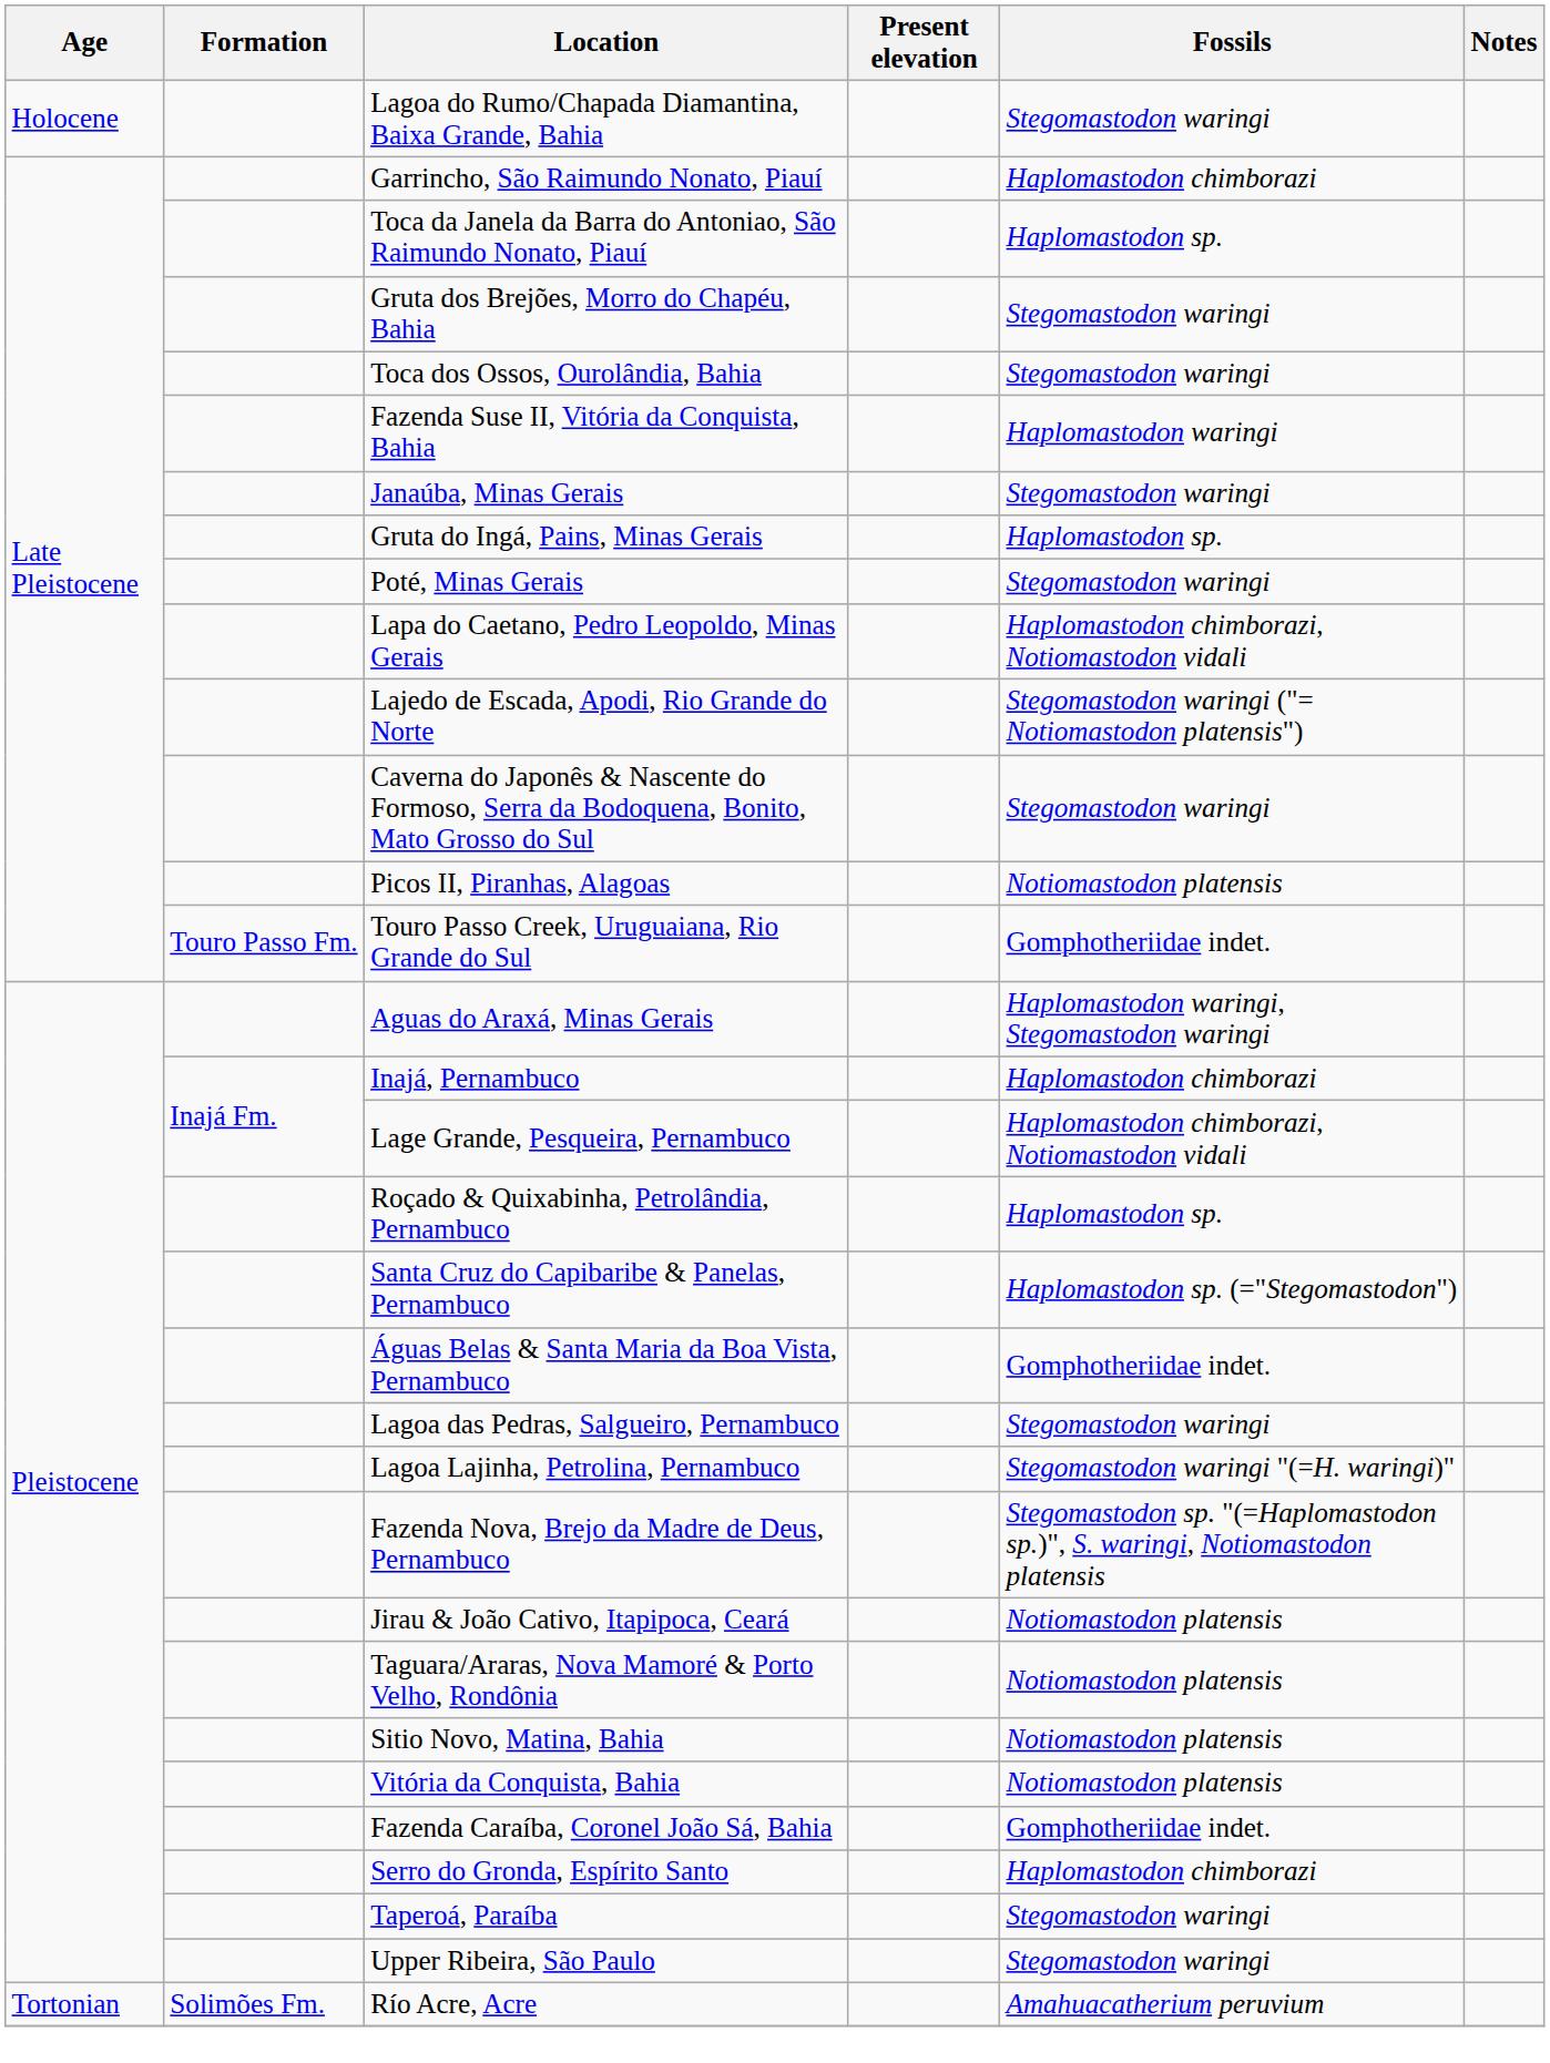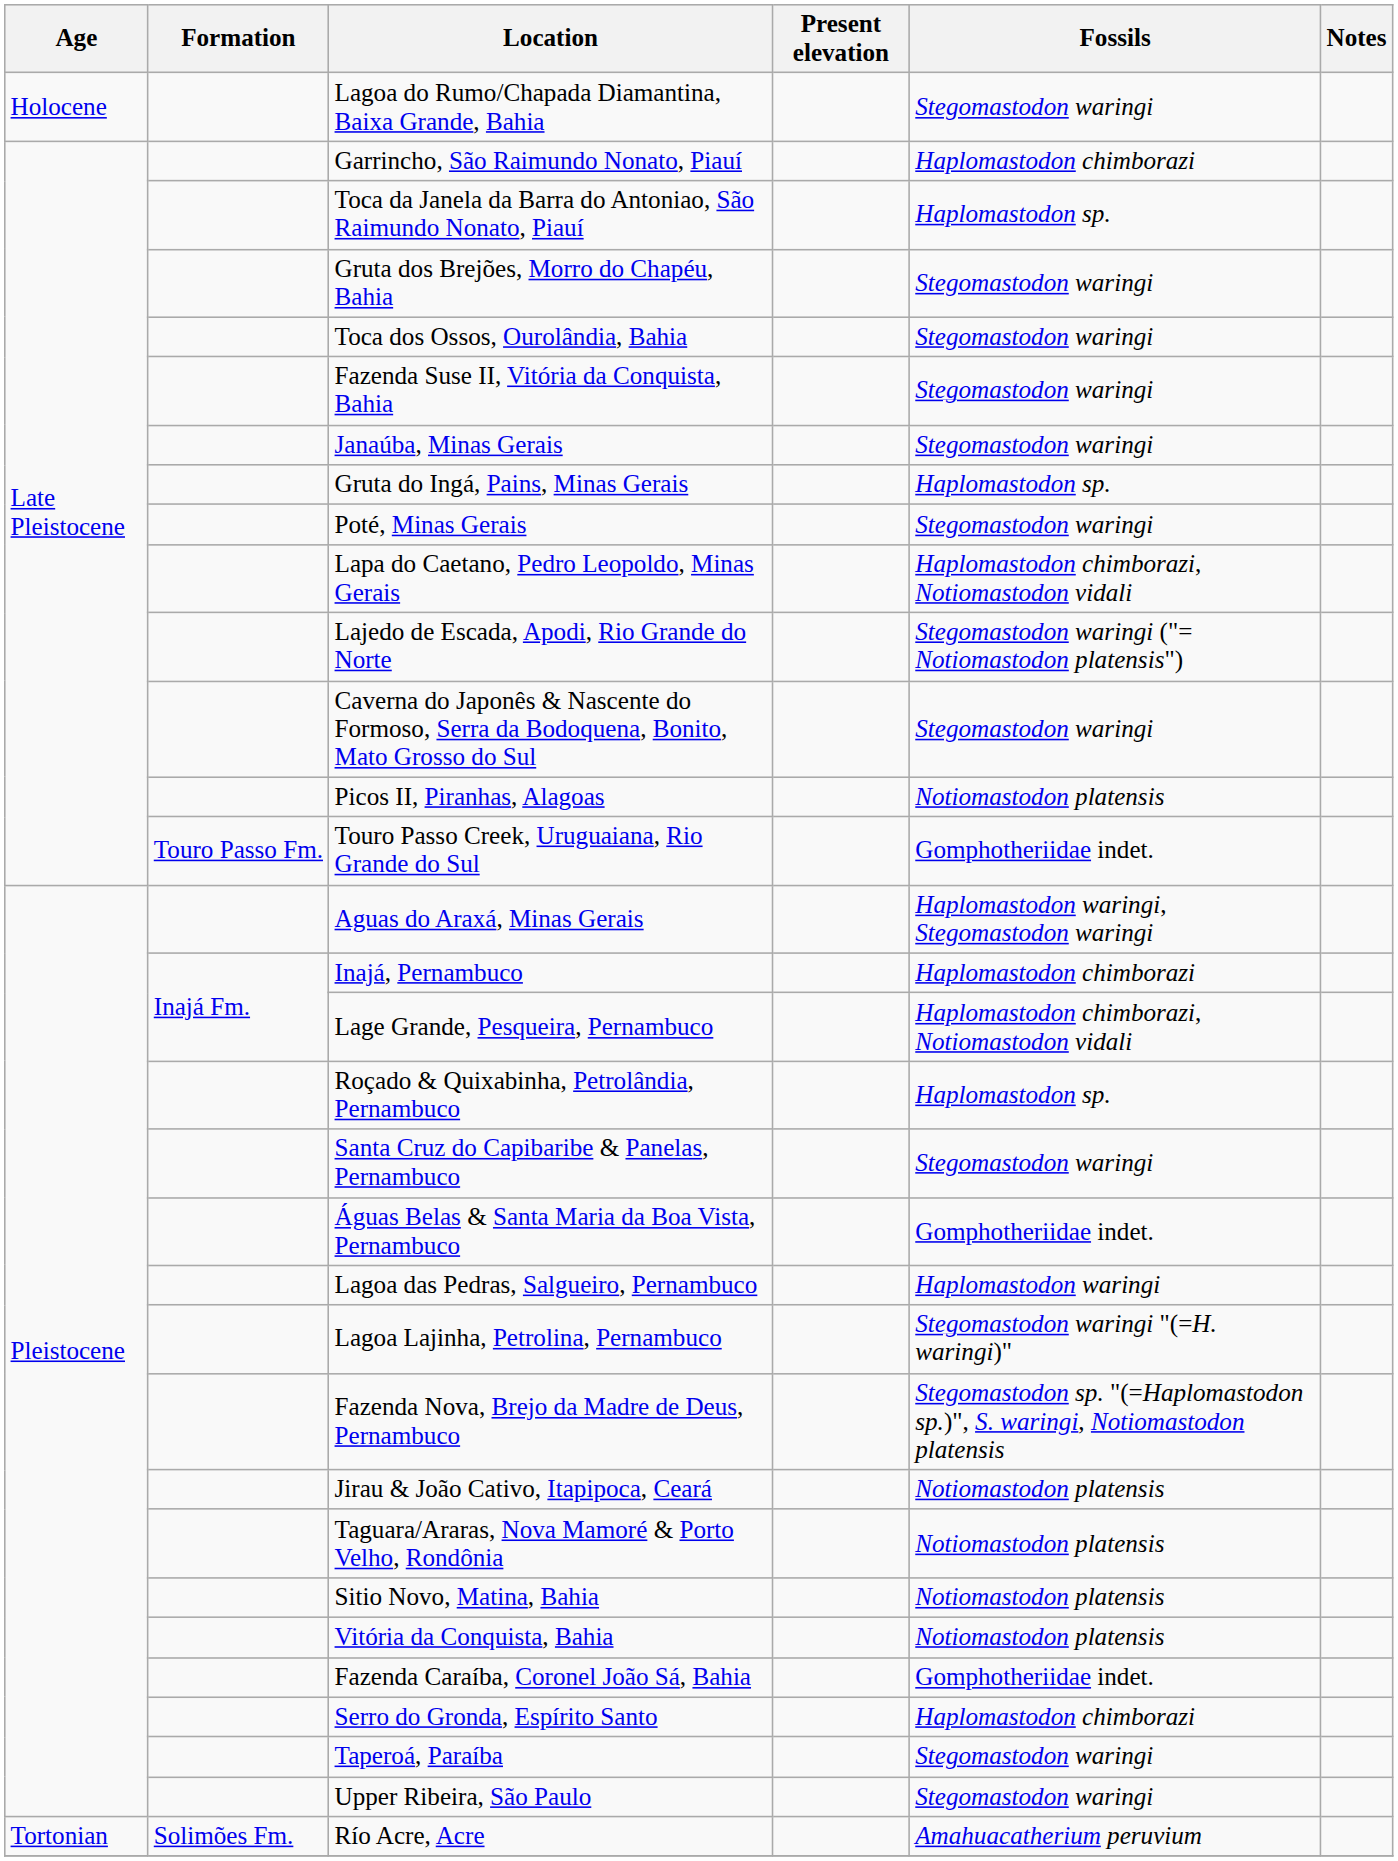 <table class="wikitable sortable" style="width: 70%;">
 <tr>
 <th>Age</th>
 <th>Formation</th>
 <th>Location</th>
 <th>Present elevation</th>
 <th>Fossils</th>
 <th class="unsortable">Notes</th>
 </tr>
 <tr>
 <td style="background-color: "><a href='#'>Holocene</a></td>
 <td></td>
 <td>Lagoa do Rumo/Chapada Diamantina, <a href='#'>Baixa Grande</a>, <a href='#'>Bahia</a></td>
 <td></td>
 <td><em><a href='#'>Stegomastodon</a> waringi</em></td>
 <td></td>
 </tr>
 <tr>
 <td rowspan=13 style="background-color: "><a href='#'>Late Pleistocene</a></td>
 <td></td>
 <td>Garrincho, <a href='#'>São Raimundo Nonato</a>, <a href='#'>Piauí</a></td>
 <td></td>
 <td><em><a href='#'>Haplomastodon</a> chimborazi</em></td>
 <td></td>
 </tr>
 <tr>
 <td></td>
 <td>Toca da Janela da Barra do Antoniao, <a href='#'>São Raimundo Nonato</a>, <a href='#'>Piauí</a></td>
 <td></td>
 <td><em><a href='#'>Haplomastodon</a> sp.</em></td>
 <td></td>
 </tr>
 <tr>
 <td></td>
 <td>Gruta dos Brejões, <a href='#'>Morro do Chapéu</a>, <a href='#'>Bahia</a></td>
 <td></td>
 <td><em><a href='#'>Stegomastodon</a> waringi</em></td>
 <td></td>
 </tr>
 <tr>
 <td></td>
 <td>Toca dos Ossos, <a href='#'>Ourolândia</a>, <a href='#'>Bahia</a></td>
 <td></td>
 <td><em><a href='#'>Stegomastodon</a> waringi</em></td>
 <td></td>
 </tr>
 <tr>
 <td></td>
 <td>Fazenda Suse II, <a href='#'>Vitória da Conquista</a>, <a href='#'>Bahia</a></td>
 <td></td>
-<td><em><a href='#'>Haplomastodon</a> waringi</em></td>
+<td><em><a href='#'>Stegomastodon</a> waringi</em></td>
 <td></td>
 </tr>
 <tr>
 <td></td>
 <td><a href='#'>Janaúba</a>, <a href='#'>Minas Gerais</a></td>
 <td></td>
 <td><em><a href='#'>Stegomastodon</a> waringi</em></td>
 <td></td>
 </tr>
 <tr>
 <td></td>
 <td>Gruta do Ingá, <a href='#'>Pains</a>, <a href='#'>Minas Gerais</a></td>
 <td></td>
 <td><em><a href='#'>Haplomastodon</a> sp.</em></td>
 <td></td>
 </tr>
 <tr>
 <td></td>
 <td>Poté, <a href='#'>Minas Gerais</a></td>
 <td></td>
 <td><em><a href='#'>Stegomastodon</a> waringi</em></td>
 <td></td>
 </tr>
 <tr>
 <td></td>
 <td>Lapa do Caetano, <a href='#'>Pedro Leopoldo</a>, <a href='#'>Minas Gerais</a></td>
 <td></td>
 <td><em><a href='#'>Haplomastodon</a> chimborazi</em>, <em><a href='#'>Notiomastodon</a> vidali</em></td>
 <td></td>
 </tr>
 <tr>
 <td></td>
 <td>Lajedo de Escada, <a href='#'>Apodi</a>, <a href='#'>Rio Grande do Norte</a></td>
 <td></td>
 <td><em><a href='#'>Stegomastodon</a> waringi</em> ("= <em><a href='#'>Notiomastodon</a> platensis</em>")</td>
 <td></td>
 </tr>
 <tr>
 <td></td>
 <td>Caverna do Japonês & Nascente do Formoso, <a href='#'>Serra da Bodoquena</a>, <a href='#'>Bonito</a>, <a href='#'>Mato Grosso do Sul</a></td>
 <td></td>
 <td><em><a href='#'>Stegomastodon</a> waringi</em></td>
 <td></td>
 </tr>
 <tr>
 <td></td>
 <td>Picos II, <a href='#'>Piranhas</a>, <a href='#'>Alagoas</a></td>
 <td></td>
 <td><em><a href='#'>Notiomastodon</a> platensis</em></td>
 <td></td>
 </tr>
 <tr>
 <td><a href='#'>Touro Passo Fm.</a></td>
 <td>Touro Passo Creek, <a href='#'>Uruguaiana</a>, <a href='#'>Rio Grande do Sul</a></td>
 <td></td>
 <td><a href='#'>Gomphotheriidae</a> indet.</td>
 <td></td>
 </tr>
 <tr>
 <td rowspan=17 style="background-color: "><a href='#'>Pleistocene</a></td>
 <td></td>
 <td><a href='#'>Aguas do Araxá</a>, <a href='#'>Minas Gerais</a></td>
 <td></td>
 <td><em><a href='#'>Haplomastodon</a> waringi</em>, <em><a href='#'>Stegomastodon</a> waringi</em></td>
 <td></td>
 </tr>
 <tr>
 <td rowspan=2><a href='#'>Inajá Fm.</a></td>
 <td><a href='#'>Inajá</a>, <a href='#'>Pernambuco</a></td>
 <td></td>
 <td><em><a href='#'>Haplomastodon</a> chimborazi</em></td>
 <td></td>
 </tr>
 <tr>
 <td>Lage Grande, <a href='#'>Pesqueira</a>, <a href='#'>Pernambuco</a></td>
 <td></td>
 <td><em><a href='#'>Haplomastodon</a> chimborazi</em>, <em><a href='#'>Notiomastodon</a> vidali</em></td>
 <td></td>
 </tr>
 <tr>
 <td></td>
 <td>Roçado & Quixabinha, <a href='#'>Petrolândia</a>, <a href='#'>Pernambuco</a></td>
 <td></td>
 <td><em><a href='#'>Haplomastodon</a> sp.</em></td>
 <td></td>
 </tr>
 <tr>
 <td></td>
 <td><a href='#'>Santa Cruz do Capibaribe</a> & <a href='#'>Panelas</a>, <a href='#'>Pernambuco</a></td>
 <td></td>
-<td><em><a href='#'>Haplomastodon</a> sp.</em> (="<em>Stegomastodon</em>")</td>
+<td><em><a href='#'>Stegomastodon</a> waringi</em></td>
 <td></td>
 </tr>
 <tr>
 <td></td>
 <td><a href='#'>Águas Belas</a> & <a href='#'>Santa Maria da Boa Vista</a>, <a href='#'>Pernambuco</a></td>
 <td></td>
 <td><a href='#'>Gomphotheriidae</a> indet.</td>
 <td></td>
 </tr>
 <tr>
 <td></td>
 <td>Lagoa das Pedras, <a href='#'>Salgueiro</a>, <a href='#'>Pernambuco</a></td>
 <td></td>
-<td><em><a href='#'>Stegomastodon</a> waringi</em></td>
+<td><em><a href='#'>Haplomastodon</a> waringi</em></td>
 <td></td>
 </tr>
 <tr>
 <td></td>
 <td>Lagoa Lajinha, <a href='#'>Petrolina</a>, <a href='#'>Pernambuco</a></td>
 <td></td>
 <td><em><a href='#'>Stegomastodon</a> waringi</em> "(=<em>H. waringi</em>)"</td>
 <td></td>
 </tr>
 <tr>
 <td></td>
 <td>Fazenda Nova, <a href='#'>Brejo da Madre de Deus</a>, <a href='#'>Pernambuco</a></td>
 <td></td>
 <td><em><a href='#'>Stegomastodon</a> sp.</em> "(=<em>Haplomastodon sp.</em>)", <em><a href='#'>S. waringi</a></em>, <em><a href='#'>Notiomastodon</a> platensis</em></td>
 <td></td>
 </tr>
 <tr>
 <td></td>
 <td>Jirau & João Cativo, <a href='#'>Itapipoca</a>, <a href='#'>Ceará</a></td>
 <td></td>
 <td><em><a href='#'>Notiomastodon</a> platensis</em></td>
 <td></td>
 </tr>
 <tr>
 <td></td>
 <td>Taguara/Araras, <a href='#'>Nova Mamoré</a> & <a href='#'>Porto Velho</a>, <a href='#'>Rondônia</a></td>
 <td></td>
 <td><em><a href='#'>Notiomastodon</a> platensis</em></td>
 <td></td>
 </tr>
 <tr>
 <td></td>
 <td>Sitio Novo, <a href='#'>Matina</a>, <a href='#'>Bahia</a></td>
 <td></td>
 <td><em><a href='#'>Notiomastodon</a> platensis</em></td>
 <td></td>
 </tr>
 <tr>
 <td></td>
 <td><a href='#'>Vitória da Conquista</a>, <a href='#'>Bahia</a></td>
 <td></td>
 <td><em><a href='#'>Notiomastodon</a> platensis</em></td>
 <td></td>
 </tr>
 <tr>
 <td></td>
 <td>Fazenda Caraíba, <a href='#'>Coronel João Sá</a>, <a href='#'>Bahia</a></td>
 <td></td>
 <td><a href='#'>Gomphotheriidae</a> indet.</td>
 <td></td>
 </tr>
 <tr>
 <td></td>
 <td><a href='#'>Serro do Gronda</a>, <a href='#'>Espírito Santo</a></td>
 <td></td>
 <td><em><a href='#'>Haplomastodon</a> chimborazi</em></td>
 <td></td>
 </tr>
 <tr>
 <td></td>
 <td><a href='#'>Taperoá</a>, <a href='#'>Paraíba</a></td>
 <td></td>
 <td><em><a href='#'>Stegomastodon</a> waringi</em></td>
 <td></td>
 </tr>
 <tr>
 <td></td>
 <td>Upper Ribeira, <a href='#'>São Paulo</a></td>
 <td></td>
 <td><em><a href='#'>Stegomastodon</a> waringi</em></td>
 <td></td>
 </tr>
 <tr>
 <td style="background-color: "><a href='#'>Tortonian</a></td>
 <td><a href='#'>Solimões Fm.</a></td>
 <td>Río Acre, <a href='#'>Acre</a></td>
 <td></td>
 <td><em><a href='#'>Amahuacatherium</a> peruvium</em></td>
 <td></td>
 </tr>
 <tr>
 </tr>
 </table>
